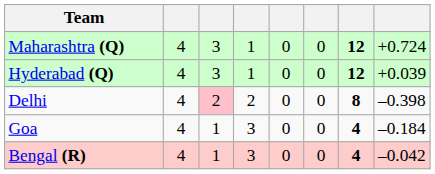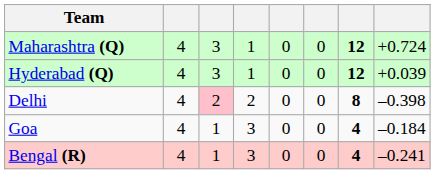 <table class="wikitable" style="text-align:center">
 <tr>
 <th style="width:140px;">Team</th>
 <th style="width:25px;"></th>
 <th style="width:25px;"></th>
 <th style="width:25px;"></th>
 <th style="width:25px;"></th>
 <th style="width:25px;"></th>
 <th style="width:25px;"></th>
 <th style="width:40px;"></th>
 </tr>
 <tr style="background:#cfc;">
 <td style="text-align:left"><a href='#'>Maharashtra</a> <strong>(Q)</strong></td>
 <td>4</td>
 <td>3</td>
 <td>1</td>
 <td>0</td>
 <td>0</td>
 <td><strong>12</strong></td>
 <td>+0.724</td>
 </tr>
 <tr style="background:#cfc;">
 <td style="text-align:left"><a href='#'>Hyderabad</a> <strong>(Q)</strong></td>
 <td>4</td>
 <td>3</td>
 <td>1</td>
 <td>0</td>
 <td>0</td>
 <td><strong>12</strong></td>
 <td>+0.039</td>
 </tr>
 <tr>
 <td style="text-align:left"><a href='#'>Delhi</a></td>
 <td>4</td>
 <td style="background: pink;">2</td>
 <td>2</td>
 <td>0</td>
 <td>0</td>
 <td><strong>8</strong></td>
 <td>–0.398</td>
 </tr>
 <tr>
 <td style="text-align:left"><a href='#'>Goa</a></td>
 <td>4</td>
 <td>1</td>
 <td>3</td>
 <td>0</td>
 <td>0</td>
 <td><strong>4</strong></td>
 <td>–0.184</td>
 </tr>
 <tr style="background:#FFCCCC">
 <td style="text-align:left"><a href='#'>Bengal</a> <strong>(R)</strong></td>
 <td>4</td>
 <td>1</td>
 <td>3</td>
 <td>0</td>
 <td>0</td>
 <td><strong>4</strong></td>
-<td>–0.042</td>
+<td>–0.241</td>
 </tr>
 </table>
